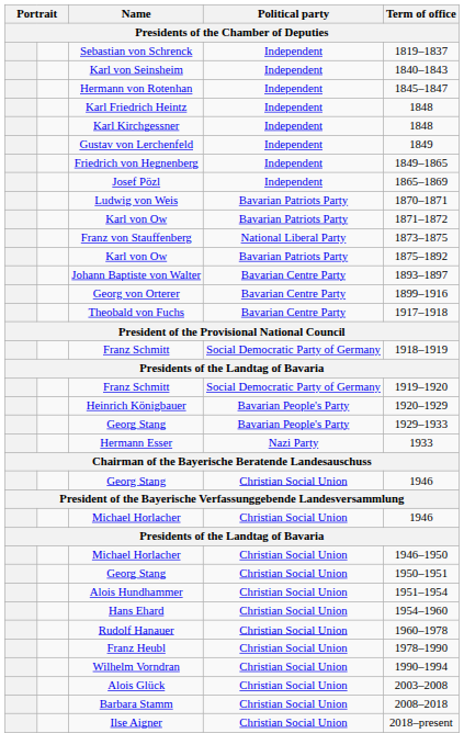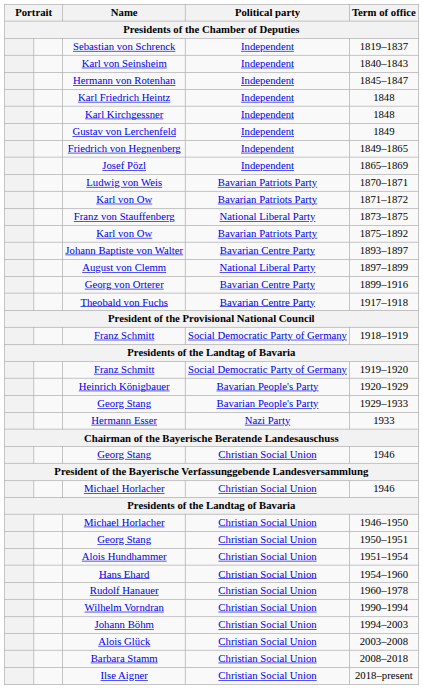 <table class="wikitable" style="text-align:center;">
 <tr>
 <th width=80px colspan=2>Portrait</th>
 <th>Name</th>
 <th>Political party</th>
 <th>Term of office</th>
 </tr>
 <tr>
 <th colspan="5">Presidents of the Chamber of Deputies</th>
 </tr>
 <tr>
 <th style="background:"></th>
 <td></td>
 <td><a href='#'>Sebastian von Schrenck</a></td>
 <td><a href='#'>Independent</a></td>
 <td>1819–1837</td>
 </tr>
 <tr>
 <th style="background:"></th>
 <td></td>
 <td><a href='#'>Karl von Seinsheim</a></td>
 <td><a href='#'>Independent</a></td>
 <td>1840–1843</td>
 </tr>
 <tr>
 <th style="background:"></th>
 <td></td>
 <td><a href='#'>Hermann von Rotenhan</a></td>
 <td><a href='#'>Independent</a></td>
 <td>1845–1847</td>
 </tr>
 <tr>
 <th style="background:"></th>
 <td></td>
 <td><a href='#'>Karl Friedrich Heintz</a></td>
 <td><a href='#'>Independent</a></td>
 <td>1848</td>
 </tr>
 <tr>
 <th style="background:"></th>
 <td></td>
 <td><a href='#'>Karl Kirchgessner</a></td>
 <td><a href='#'>Independent</a></td>
 <td>1848</td>
 </tr>
 <tr>
 <th style="background:"></th>
 <td></td>
 <td><a href='#'>Gustav von Lerchenfeld</a></td>
 <td><a href='#'>Independent</a></td>
 <td>1849</td>
 </tr>
 <tr>
 <th style="background:"></th>
 <td></td>
 <td><a href='#'>Friedrich von Hegnenberg</a></td>
 <td><a href='#'>Independent</a></td>
 <td>1849–1865</td>
 </tr>
 <tr>
 <th style="background:"></th>
 <td></td>
 <td><a href='#'>Josef Pözl</a></td>
 <td><a href='#'>Independent</a></td>
 <td>1865–1869</td>
 </tr>
 <tr>
 <th style="background:"></th>
 <td></td>
 <td><a href='#'>Ludwig von Weis</a></td>
 <td><a href='#'>Bavarian Patriots Party</a></td>
 <td>1870–1871</td>
 </tr>
 <tr>
 <th style="background:"></th>
 <td></td>
 <td><a href='#'>Karl von Ow</a></td>
 <td><a href='#'>Bavarian Patriots Party</a></td>
 <td>1871–1872</td>
 </tr>
 <tr>
 <th style="background:"></th>
 <td></td>
 <td><a href='#'>Franz von Stauffenberg</a></td>
 <td><a href='#'>National Liberal Party</a></td>
 <td>1873–1875</td>
 </tr>
 <tr>
 <th style="background:"></th>
 <td></td>
 <td><a href='#'>Karl von Ow</a></td>
 <td><a href='#'>Bavarian Patriots Party</a></td>
 <td>1875–1892</td>
 </tr>
 <tr>
 <th style="background:"></th>
 <td></td>
 <td><a href='#'>Johann Baptiste von Walter</a></td>
 <td><a href='#'>Bavarian Centre Party</a></td>
 <td>1893–1897</td>
+</tr>
+<tr>
+<th style="background:"></th>
+<td></td>
+<td><a href='#'>August von Clemm</a></td>
+<td><a href='#'>National Liberal Party</a></td>
+<td>1897–1899</td>
 </tr>
 <tr>
 <th style="background:"></th>
 <td></td>
 <td><a href='#'>Georg von Orterer</a></td>
 <td><a href='#'>Bavarian Centre Party</a></td>
 <td>1899–1916</td>
 </tr>
 <tr>
 <th style="background:"></th>
 <td></td>
 <td><a href='#'>Theobald von Fuchs</a></td>
 <td><a href='#'>Bavarian Centre Party</a></td>
 <td>1917–1918</td>
 </tr>
 <tr>
 <th colspan="5">President of the Provisional National Council</th>
 </tr>
 <tr>
 <th style="background:"></th>
 <td></td>
 <td><a href='#'>Franz Schmitt</a></td>
 <td><a href='#'>Social Democratic Party of Germany</a></td>
 <td>1918–1919</td>
 </tr>
 <tr>
 <th colspan="5">Presidents of the Landtag of Bavaria</th>
 </tr>
 <tr>
 <th style="background:"></th>
 <td></td>
 <td><a href='#'>Franz Schmitt</a></td>
 <td><a href='#'>Social Democratic Party of Germany</a></td>
 <td>1919–1920</td>
 </tr>
 <tr>
 <th style="background:"></th>
 <td></td>
 <td><a href='#'>Heinrich Königbauer</a></td>
 <td><a href='#'>Bavarian People's Party</a></td>
 <td>1920–1929</td>
 </tr>
 <tr>
 <th style="background:"></th>
 <td></td>
 <td><a href='#'>Georg Stang</a></td>
 <td><a href='#'>Bavarian People's Party</a></td>
 <td>1929–1933</td>
 </tr>
 <tr>
 <th style="background:"></th>
 <td></td>
 <td><a href='#'>Hermann Esser</a></td>
 <td><a href='#'>Nazi Party</a></td>
 <td>1933</td>
 </tr>
 <tr>
 <th colspan="5">Chairman of the Bayerische Beratende Landesauschuss</th>
 </tr>
 <tr>
 <th style="background:"></th>
 <td></td>
 <td><a href='#'>Georg Stang</a></td>
 <td><a href='#'>Christian Social Union</a></td>
 <td>1946</td>
 </tr>
 <tr>
 <th colspan="5">President of the Bayerische Verfassunggebende Landesversammlung</th>
 </tr>
 <tr>
 <th style="background:"></th>
 <td></td>
 <td><a href='#'>Michael Horlacher</a></td>
 <td><a href='#'>Christian Social Union</a></td>
 <td>1946</td>
 </tr>
 <tr>
 <th colspan="5">Presidents of the Landtag of Bavaria</th>
 </tr>
 <tr>
 <th style="background:"></th>
 <td></td>
 <td><a href='#'>Michael Horlacher</a></td>
 <td><a href='#'>Christian Social Union</a></td>
 <td>1946–1950</td>
 </tr>
 <tr>
 <th style="background:"></th>
 <td></td>
 <td><a href='#'>Georg Stang</a></td>
 <td><a href='#'>Christian Social Union</a></td>
 <td>1950–1951</td>
 </tr>
 <tr>
 <th style="background:"></th>
 <td></td>
 <td><a href='#'>Alois Hundhammer</a></td>
 <td><a href='#'>Christian Social Union</a></td>
 <td>1951–1954</td>
 </tr>
 <tr>
 <th style="background:"></th>
 <td></td>
 <td><a href='#'>Hans Ehard</a></td>
 <td><a href='#'>Christian Social Union</a></td>
 <td>1954–1960</td>
 </tr>
 <tr>
 <th style="background:"></th>
 <td></td>
 <td><a href='#'>Rudolf Hanauer</a></td>
 <td><a href='#'>Christian Social Union</a></td>
 <td>1960–1978</td>
 </tr>
 <tr>
 <th style="background:"></th>
 <td></td>
-<td><a href='#'>Franz Heubl</a></td>
+<td><a href='#'>Wilhelm Vorndran</a></td>
 <td><a href='#'>Christian Social Union</a></td>
-<td>1978–1990</td>
+<td>1990–1994</td>
 </tr>
 <tr>
 <th style="background:"></th>
 <td></td>
-<td><a href='#'>Wilhelm Vorndran</a></td>
+<td><a href='#'>Johann Böhm</a></td>
 <td><a href='#'>Christian Social Union</a></td>
-<td>1990–1994</td>
+<td>1994–2003</td>
 </tr>
 <tr>
 <th style="background:"></th>
 <td></td>
 <td><a href='#'>Alois Glück</a></td>
 <td><a href='#'>Christian Social Union</a></td>
 <td>2003–2008</td>
 </tr>
 <tr>
 <th style="background:"></th>
 <td></td>
 <td><a href='#'>Barbara Stamm</a></td>
 <td><a href='#'>Christian Social Union</a></td>
 <td>2008–2018</td>
 </tr>
 <tr>
 <th style="background:"></th>
 <td></td>
 <td><a href='#'>Ilse Aigner</a></td>
 <td><a href='#'>Christian Social Union</a></td>
 <td>2018–present</td>
 </tr>
 </table>
